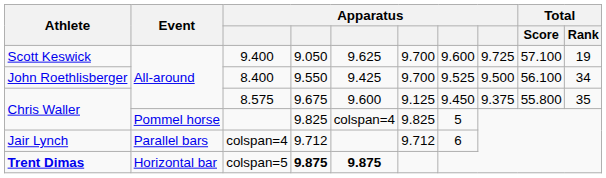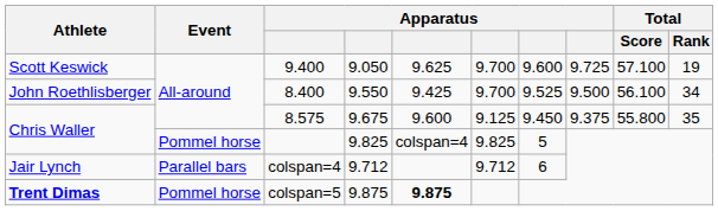 <table class=wikitable style=font-size:90%;text-align:center>
 <tr>
 <th rowspan=2>Athlete</th>
 <th rowspan=2>Event</th>
 <th colspan=6>Apparatus</th>
 <th colspan=2>Total</th>
 </tr>
 <tr style=font-size:95%>
 <th></th>
 <th></th>
 <th></th>
 <th></th>
 <th></th>
 <th></th>
 <th>Score</th>
 <th>Rank</th>
 </tr>
 <tr>
 <td align=left><a href='#'>Scott Keswick</a></td>
 <td align=left rowspan=3><a href='#'>All-around</a></td>
 <td>9.400</td>
 <td>9.050</td>
 <td>9.625</td>
 <td>9.700</td>
 <td>9.600</td>
 <td>9.725</td>
 <td>57.100</td>
 <td>19</td>
 </tr>
 <tr>
 <td align=left><a href='#'>John Roethlisberger</a></td>
 <td>8.400</td>
 <td>9.550</td>
 <td>9.425</td>
 <td>9.700</td>
 <td>9.525</td>
 <td>9.500</td>
 <td>56.100</td>
 <td>34</td>
 </tr>
 <tr>
 <td align=left rowspan=2><a href='#'>Chris Waller</a></td>
 <td>8.575</td>
 <td>9.675</td>
 <td>9.600</td>
 <td>9.125</td>
 <td>9.450</td>
 <td>9.375</td>
 <td>55.800</td>
 <td>35</td>
 </tr>
 <tr>
 <td align=left><a href='#'>Pommel horse</a></td>
 <td></td>
 <td>9.825</td>
 <td>colspan=4 </td>
 <td>9.825</td>
 <td>5</td>
 </tr>
 <tr>
 <td align=left><a href='#'>Jair Lynch</a></td>
 <td align=left><a href='#'>Parallel bars</a></td>
 <td>colspan=4 </td>
 <td>9.712</td>
 <td></td>
 <td>9.712</td>
 <td>6</td>
 </tr>
 <tr>
 <td align=left><strong><a href='#'>Trent Dimas</a></strong></td>
-<td align=left><a href='#'>Horizontal bar</a></td>
+<td align=left><a href='#'>Pommel horse</a></td>
 <td>colspan=5 </td>
-<td><strong>9.875</strong></td>
+<td>9.875</td>
 <td><strong>9.875</strong></td>
 <td></td>
 </tr>
 </table>
